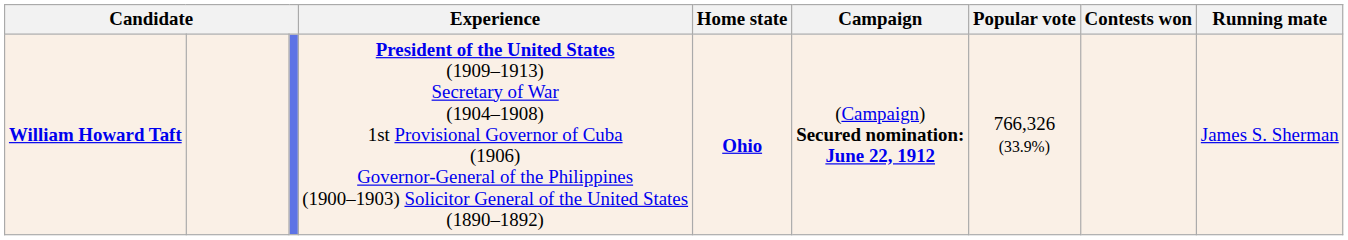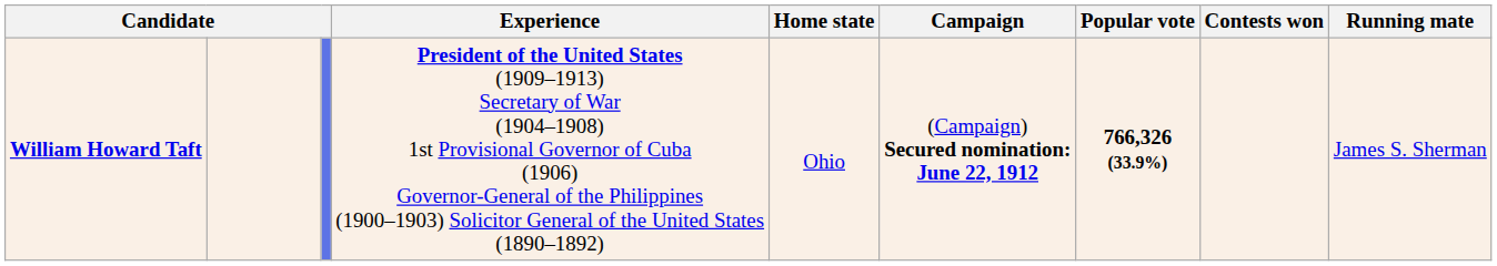 <table class="wikitable sortable" style="text-align:center;">
 <tr>
 <th colspan="3">Candidate</th>
 <th class="unsortable"><strong>Experience</strong></th>
 <th>Home state</th>
 <th data-sort-type="date">Campaign</th>
 <th>Popular vote</th>
 <th>Contests won</th>
 <th>Running mate</th>
 </tr>
 <tr style="background:linen;">
 <th style="background:linen;" scope="row" data-sort-=""><a href='#'>William Howard Taft</a></th>
 <td style="min-width:80px;"></td>
 <td style="background:#5d73e5;"></td>
 <td><strong><a href='#'>President of the United States</a></strong><br>(1909–1913)<br><a href='#'>Secretary of War</a><br>(1904–1908)<br>1st <a href='#'>Provisional Governor of Cuba</a><br>(1906)<br><a href='#'>Governor-General of the Philippines</a><br>(1900–1903) <a href='#'>Solicitor General of the United States</a><br>(1890–1892)</td>
-<td><strong><br><a href='#'>Ohio</a></strong></td>
+<td><br><a href='#'>Ohio</a></td>
 <td>(<a href='#'>Campaign</a>)<br><strong>Secured nomination:<br> <a href='#'>June 22, 1912</a></strong></td>
-<td>766,326<br><small>(33.9%)</small></td>
+<td><strong>766,326<br><small>(33.9%)</small></strong></td>
 <td></td>
 <td><a href='#'>James S. Sherman</a></td>
 </tr>
 </table>
